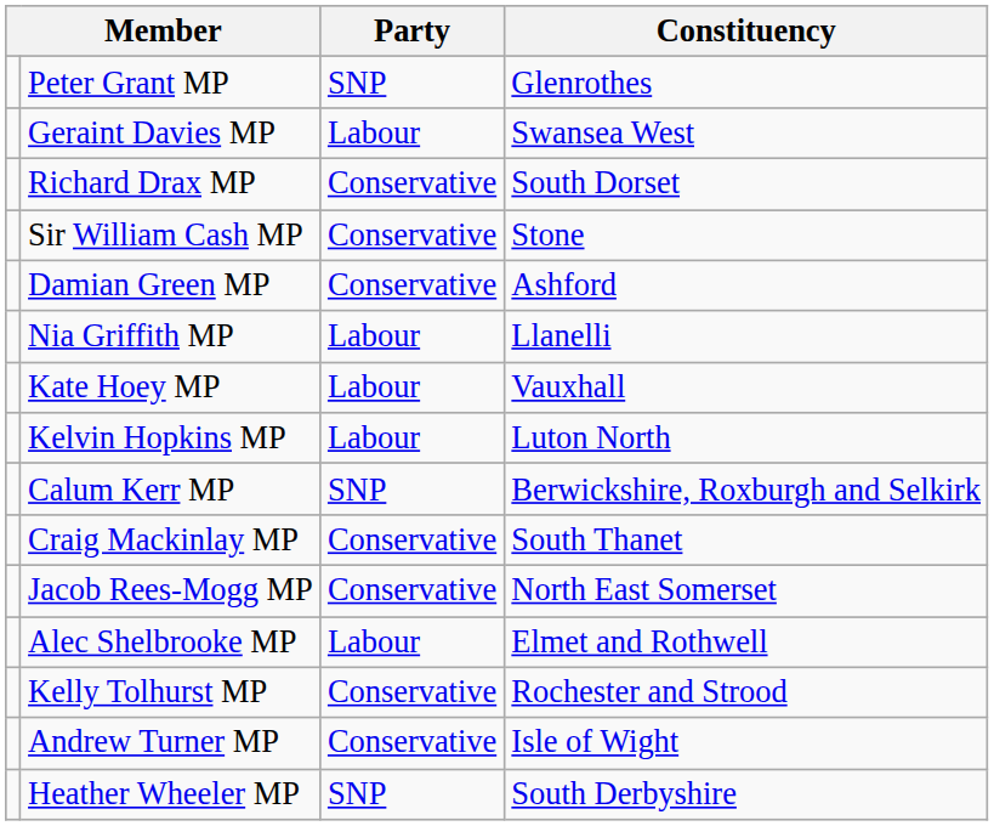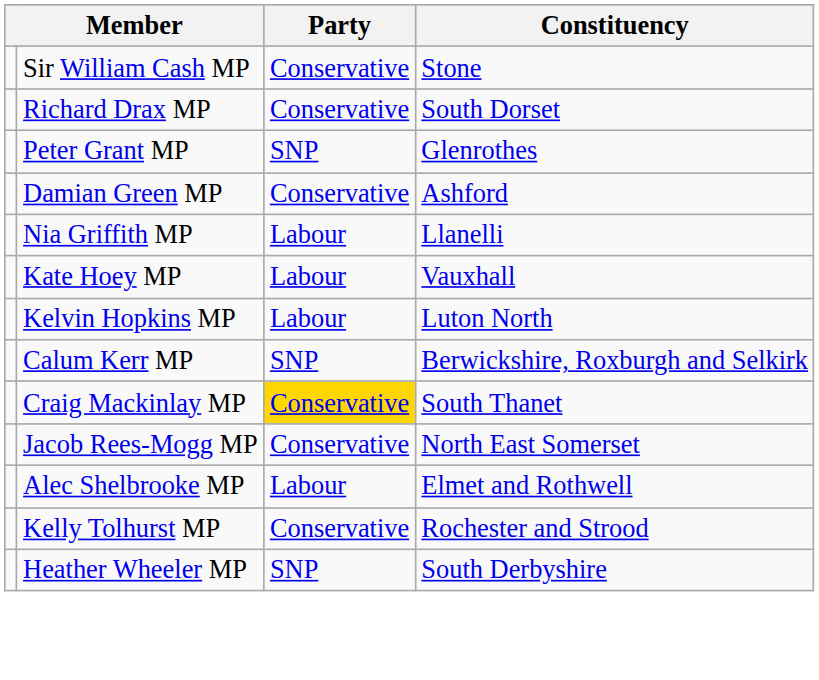 <table class="wikitable">
 <tr>
 <th colspan="2" valign="top">Member</th>
 <th valign="top">Party</th>
 <th valign="top">Constituency</th>
 </tr>
 <tr>
 <td style="color:inherit;background:"></td>
-<td><a href='#'>Peter Grant</a> MP</td>
-<td><a href='#'>SNP</a></td>
-<td><a href='#'>Glenrothes</a></td>
-</tr>
-<tr>
-<td style="color:inherit;background:"></td>
-<td><a href='#'>Geraint Davies</a> MP</td>
-<td><a href='#'>Labour</a></td>
-<td><a href='#'>Swansea West</a></td>
+<td>Sir <a href='#'>William Cash</a> MP</td>
+<td><a href='#'>Conservative</a></td>
+<td><a href='#'>Stone</a></td>
 </tr>
 <tr>
 <td style="color:inherit;background:"></td>
 <td><a href='#'>Richard Drax</a> MP</td>
 <td><a href='#'>Conservative</a></td>
 <td><a href='#'>South Dorset</a></td>
 </tr>
 <tr>
 <td style="color:inherit;background:"></td>
-<td>Sir <a href='#'>William Cash</a> MP</td>
-<td><a href='#'>Conservative</a></td>
-<td><a href='#'>Stone</a></td>
+<td><a href='#'>Peter Grant</a> MP</td>
+<td><a href='#'>SNP</a></td>
+<td><a href='#'>Glenrothes</a></td>
 </tr>
 <tr>
 <td style="color:inherit;background:"></td>
 <td><a href='#'>Damian Green</a> MP</td>
 <td><a href='#'>Conservative</a></td>
 <td><a href='#'>Ashford</a></td>
 </tr>
 <tr>
 <td style="color:inherit;background:"></td>
 <td><a href='#'>Nia Griffith</a> MP</td>
 <td><a href='#'>Labour</a></td>
 <td><a href='#'>Llanelli</a></td>
 </tr>
 <tr>
 <td style="color:inherit;background:"></td>
 <td><a href='#'>Kate Hoey</a> MP</td>
 <td><a href='#'>Labour</a></td>
 <td><a href='#'>Vauxhall</a></td>
 </tr>
 <tr>
 <td style="color:inherit;background:"></td>
 <td><a href='#'>Kelvin Hopkins</a> MP</td>
 <td><a href='#'>Labour</a></td>
 <td><a href='#'>Luton North</a></td>
 </tr>
 <tr>
 <td style="color:inherit;background:"></td>
 <td><a href='#'>Calum Kerr</a> MP</td>
 <td><a href='#'>SNP</a></td>
 <td><a href='#'>Berwickshire, Roxburgh and Selkirk</a></td>
 </tr>
 <tr>
 <td style="color:inherit;background:"></td>
 <td><a href='#'>Craig Mackinlay</a> MP</td>
-<td><a href='#'>Conservative</a></td>
+<td style="background: gold;"><a href='#'>Conservative</a></td>
 <td><a href='#'>South Thanet</a></td>
 </tr>
 <tr>
 <td style="color:inherit;background:"></td>
 <td><a href='#'>Jacob Rees-Mogg</a> MP</td>
 <td><a href='#'>Conservative</a></td>
 <td><a href='#'>North East Somerset</a></td>
 </tr>
 <tr>
 <td style="color:inherit;background:"></td>
 <td><a href='#'>Alec Shelbrooke</a> MP</td>
 <td><a href='#'>Labour</a></td>
 <td><a href='#'>Elmet and Rothwell</a></td>
 </tr>
 <tr>
 <td style="color:inherit;background:"></td>
 <td><a href='#'>Kelly Tolhurst</a> MP</td>
 <td><a href='#'>Conservative</a></td>
 <td><a href='#'>Rochester and Strood</a></td>
 </tr>
 <tr>
 <td style="color:inherit;background:"></td>
-<td><a href='#'>Andrew Turner</a> MP</td>
-<td><a href='#'>Conservative</a></td>
-<td><a href='#'>Isle of Wight</a></td>
-</tr>
-<tr>
-<td style="color:inherit;background:"></td>
 <td><a href='#'>Heather Wheeler</a> MP</td>
 <td><a href='#'>SNP</a></td>
 <td><a href='#'>South Derbyshire</a></td>
 </tr>
 </table>
